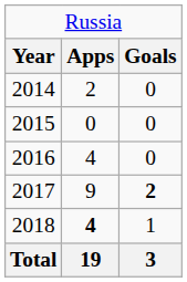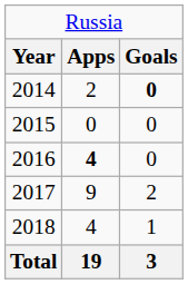 <table class="wikitable" style="text-align:center">
 <tr>
 <td colspan=4><a href='#'>Russia</a></td>
 </tr>
 <tr>
 <th>Year</th>
 <th>Apps</th>
 <th>Goals</th>
 </tr>
 <tr>
 <td>2014</td>
 <td>2</td>
-<td>0</td>
+<td><strong>0</strong></td>
 </tr>
 <tr>
 <td>2015</td>
 <td>0</td>
 <td>0</td>
 </tr>
 <tr>
 <td>2016</td>
-<td>4</td>
+<td><strong>4</strong></td>
 <td>0</td>
 </tr>
 <tr>
 <td>2017</td>
 <td>9</td>
-<td><strong>2</strong></td>
+<td>2</td>
 </tr>
 <tr>
 <td>2018</td>
-<td><strong>4</strong></td>
+<td>4</td>
 <td>1</td>
 </tr>
 <tr>
 <th>Total</th>
 <th>19</th>
 <th>3</th>
 </tr>
 </table>
